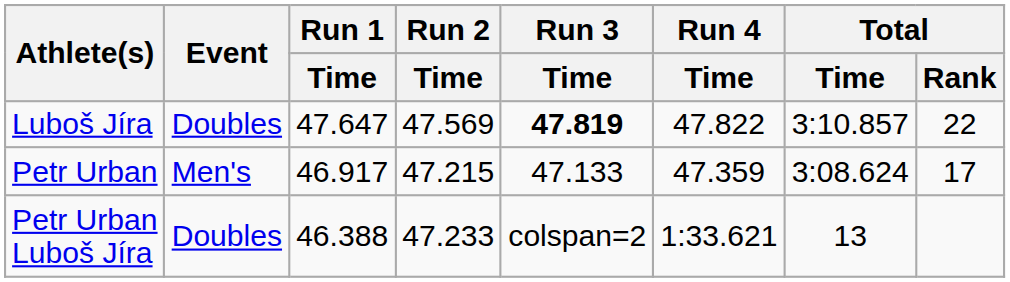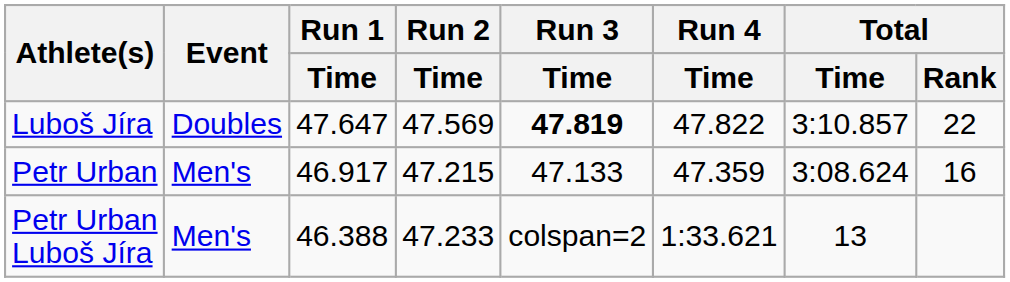 <table class="wikitable" style="font-size:90%">
 <tr>
 <th rowspan="2">Athlete(s)</th>
 <th rowspan="2">Event</th>
 <th colspan="1">Run 1</th>
 <th colspan="1">Run 2</th>
 <th colspan="1">Run 3</th>
 <th colspan="1">Run 4</th>
 <th colspan="2">Total</th>
 </tr>
 <tr>
 <th>Time</th>
 <th>Time</th>
 <th>Time</th>
 <th>Time</th>
 <th>Time</th>
 <th>Rank</th>
 </tr>
 <tr align="center">
 <td align="left"><a href='#'>Luboš Jíra</a></td>
 <td align="left"><a href='#'>Doubles</a></td>
 <td>47.647</td>
 <td>47.569</td>
 <td><strong>47.819</strong></td>
 <td>47.822</td>
 <td>3:10.857</td>
 <td>22</td>
 </tr>
 <tr align="center">
 <td align="left"><a href='#'>Petr Urban</a></td>
 <td align="left"><a href='#'>Men's</a></td>
 <td>46.917</td>
 <td>47.215</td>
 <td>47.133</td>
 <td>47.359</td>
 <td>3:08.624</td>
-<td>17</td>
+<td>16</td>
 </tr>
 <tr align="center">
 <td align="left"><a href='#'>Petr Urban</a> <br> <a href='#'>Luboš Jíra</a></td>
-<td align="left"><a href='#'>Doubles</a></td>
+<td align="left"><a href='#'>Men's</a></td>
 <td>46.388</td>
 <td>47.233</td>
 <td>colspan=2 </td>
 <td>1:33.621</td>
 <td>13</td>
 </tr>
 </table>
